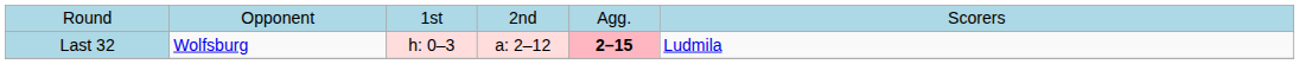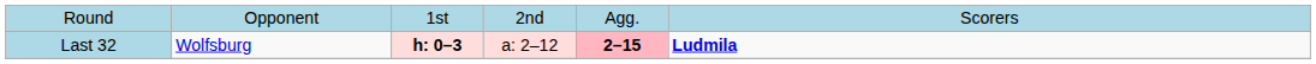 <table class="wikitable" style="text-align:center">
 <tr bgcolor=lightblue>
 <td width=150px>Round</td>
 <td width=200px>Opponent</td>
 <td width=80px>1st</td>
 <td width=80px>2nd</td>
 <td width=80px>Agg.</td>
 <td width=600px>Scorers</td>
 </tr>
 <tr>
 <td bgcolor=lightblue>Last 32</td>
 <td align=left> <a href='#'>Wolfsburg</a></td>
-<td bgcolor=#ffdddd>h: 0–3</td>
+<td bgcolor=#ffdddd><strong>h: 0–3</strong></td>
 <td bgcolor="#ffdddd">a: 2–12</td>
 <td bgcolor=lightpink><strong>2–15</strong></td>
-<td align=left><a href='#'>Ludmila</a></td>
+<td align=left><strong><a href='#'>Ludmila</a></strong></td>
 </tr>
 <tr>
 </tr>
 </table>
